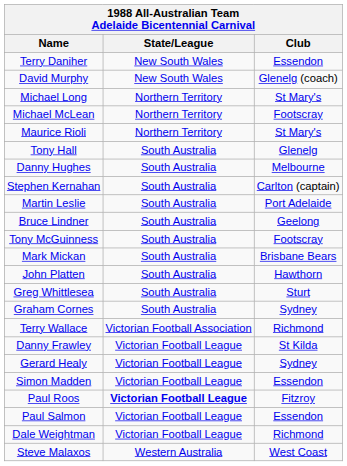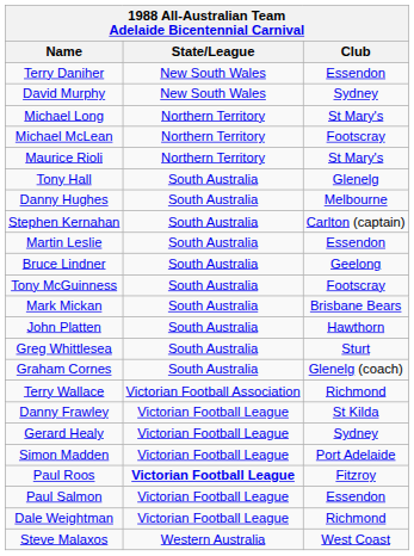 <table class="wikitable" style="text-align: center">
 <tr>
 <th colspan="10">1988 All-Australian Team<br><a href='#'>Adelaide Bicentennial Carnival</a></th>
 </tr>
 <tr>
 <th>Name</th>
 <th>State/League</th>
 <th>Club</th>
 </tr>
 <tr>
 <td><a href='#'>Terry Daniher</a></td>
 <td><a href='#'>New South Wales</a></td>
 <td><a href='#'>Essendon</a></td>
 </tr>
 <tr>
 <td><a href='#'>David Murphy</a></td>
 <td><a href='#'>New South Wales</a></td>
-<td><a href='#'>Glenelg</a> (coach)</td>
+<td><a href='#'>Sydney</a></td>
 </tr>
 <tr>
 <td><a href='#'>Michael Long</a></td>
 <td><a href='#'>Northern Territory</a></td>
 <td><a href='#'>St Mary's</a></td>
 </tr>
 <tr>
 <td><a href='#'>Michael McLean</a></td>
 <td><a href='#'>Northern Territory</a></td>
 <td><a href='#'>Footscray</a></td>
 </tr>
 <tr>
 <td><a href='#'>Maurice Rioli</a></td>
 <td><a href='#'>Northern Territory</a></td>
 <td><a href='#'>St Mary's</a></td>
 </tr>
 <tr>
 <td><a href='#'>Tony Hall</a></td>
 <td><a href='#'>South Australia</a></td>
 <td><a href='#'>Glenelg</a></td>
 </tr>
 <tr>
 <td><a href='#'>Danny Hughes</a></td>
 <td><a href='#'>South Australia</a></td>
 <td><a href='#'>Melbourne</a></td>
 </tr>
 <tr>
 <td><a href='#'>Stephen Kernahan</a></td>
 <td><a href='#'>South Australia</a></td>
 <td><a href='#'>Carlton</a> (captain)</td>
 </tr>
 <tr>
 <td><a href='#'>Martin Leslie</a></td>
 <td><a href='#'>South Australia</a></td>
-<td><a href='#'>Port Adelaide</a></td>
+<td><a href='#'>Essendon</a></td>
 </tr>
 <tr>
 <td><a href='#'>Bruce Lindner</a></td>
 <td><a href='#'>South Australia</a></td>
 <td><a href='#'>Geelong</a></td>
 </tr>
 <tr>
 <td><a href='#'>Tony McGuinness</a></td>
 <td><a href='#'>South Australia</a></td>
 <td><a href='#'>Footscray</a></td>
 </tr>
 <tr>
 <td><a href='#'>Mark Mickan</a></td>
 <td><a href='#'>South Australia</a></td>
 <td><a href='#'>Brisbane Bears</a></td>
 </tr>
 <tr>
 <td><a href='#'>John Platten</a></td>
 <td><a href='#'>South Australia</a></td>
 <td><a href='#'>Hawthorn</a></td>
 </tr>
 <tr>
 <td><a href='#'>Greg Whittlesea</a></td>
 <td><a href='#'>South Australia</a></td>
 <td><a href='#'>Sturt</a></td>
 </tr>
 <tr>
 <td><a href='#'>Graham Cornes</a></td>
 <td><a href='#'>South Australia</a></td>
-<td><a href='#'>Sydney</a></td>
+<td><a href='#'>Glenelg</a> (coach)</td>
 </tr>
 <tr>
 <td><a href='#'>Terry Wallace</a></td>
 <td><a href='#'>Victorian Football Association</a></td>
 <td><a href='#'>Richmond</a></td>
 </tr>
 <tr>
 <td><a href='#'>Danny Frawley</a></td>
 <td><a href='#'>Victorian Football League</a></td>
 <td><a href='#'>St Kilda</a></td>
 </tr>
 <tr>
 <td><a href='#'>Gerard Healy</a></td>
 <td><a href='#'>Victorian Football League</a></td>
 <td><a href='#'>Sydney</a></td>
 </tr>
 <tr>
 <td><a href='#'>Simon Madden</a></td>
 <td><a href='#'>Victorian Football League</a></td>
-<td><a href='#'>Essendon</a></td>
+<td><a href='#'>Port Adelaide</a></td>
 </tr>
 <tr>
 <td><a href='#'>Paul Roos</a></td>
 <td><strong><a href='#'>Victorian Football League</a></strong></td>
 <td><a href='#'>Fitzroy</a></td>
 </tr>
 <tr>
 <td><a href='#'>Paul Salmon</a></td>
 <td><a href='#'>Victorian Football League</a></td>
 <td><a href='#'>Essendon</a></td>
 </tr>
 <tr>
 <td><a href='#'>Dale Weightman</a></td>
 <td><a href='#'>Victorian Football League</a></td>
 <td><a href='#'>Richmond</a></td>
 </tr>
 <tr>
 <td><a href='#'>Steve Malaxos</a></td>
 <td><a href='#'>Western Australia</a></td>
 <td><a href='#'>West Coast</a></td>
 </tr>
 </table>
